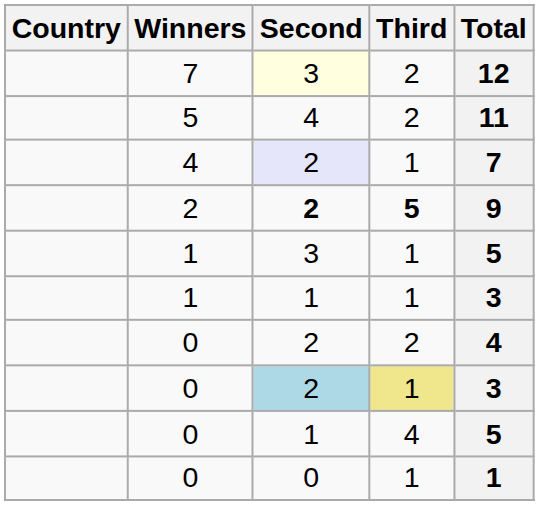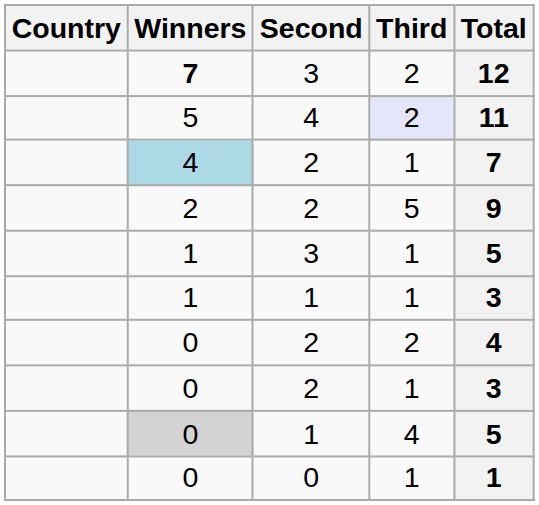 <table class="wikitable" style="font-size: 90%; text-align: center;">
 <tr>
 <th>Country</th>
 <th>Winners</th>
 <th>Second</th>
 <th>Third</th>
 <th>Total</th>
 </tr>
 <tr>
 <td align=left></td>
-<td>7</td>
-<td style="background: lightyellow;">3</td>
+<td><strong>7</strong></td>
+<td>3</td>
 <td>2</td>
 <th>12</th>
 </tr>
 <tr>
 <td align=left></td>
 <td>5</td>
 <td>4</td>
-<td>2</td>
+<td style="background: lavender;">2</td>
 <th>11</th>
 </tr>
 <tr>
 <td align=left></td>
-<td>4</td>
-<td style="background: lavender;">2</td>
+<td style="background: lightblue;">4</td>
+<td>2</td>
 <td>1</td>
 <th>7</th>
 </tr>
 <tr>
 <td align=left></td>
 <td>2</td>
-<td><strong>2</strong></td>
-<td><strong>5</strong></td>
+<td>2</td>
+<td>5</td>
 <th>9</th>
 </tr>
 <tr>
 <td align=left></td>
 <td>1</td>
 <td>3</td>
 <td>1</td>
 <th>5</th>
 </tr>
 <tr>
 <td align=left></td>
 <td>1</td>
 <td>1</td>
 <td>1</td>
 <th>3</th>
 </tr>
 <tr>
 <td align=left></td>
 <td>0</td>
 <td>2</td>
 <td>2</td>
 <th>4</th>
 </tr>
 <tr>
 <td align=left></td>
 <td>0</td>
-<td style="background: lightblue;">2</td>
-<td style="background: khaki;">1</td>
+<td>2</td>
+<td>1</td>
 <th>3</th>
 </tr>
 <tr>
 <td align=left></td>
-<td>0</td>
+<td style="background: lightgrey;">0</td>
 <td>1</td>
 <td>4</td>
 <th>5</th>
 </tr>
 <tr>
 <td align=left></td>
 <td>0</td>
 <td>0</td>
 <td>1</td>
 <th>1</th>
 </tr>
 <tr>
 </tr>
 </table>
